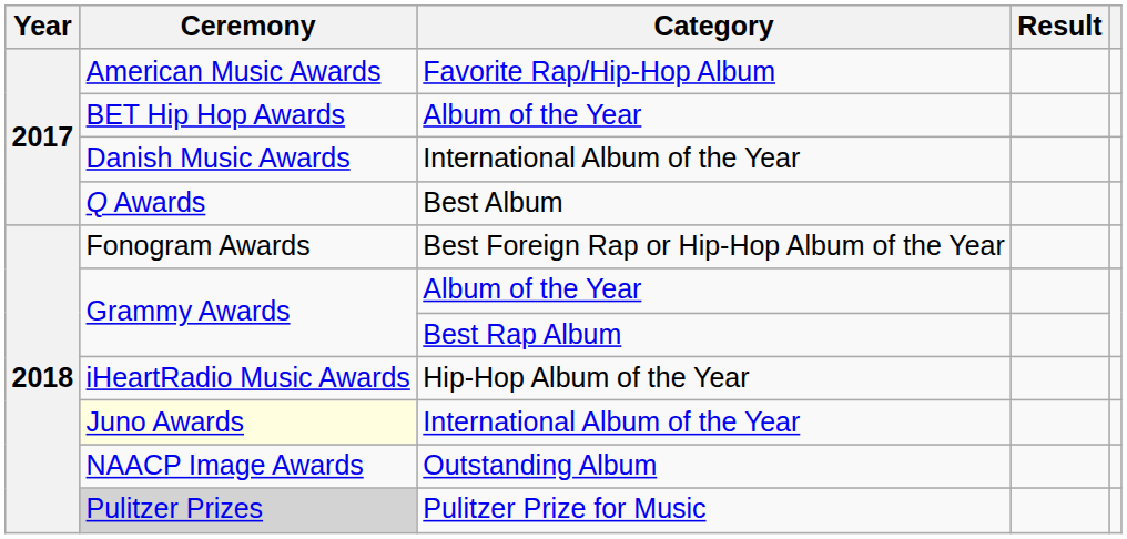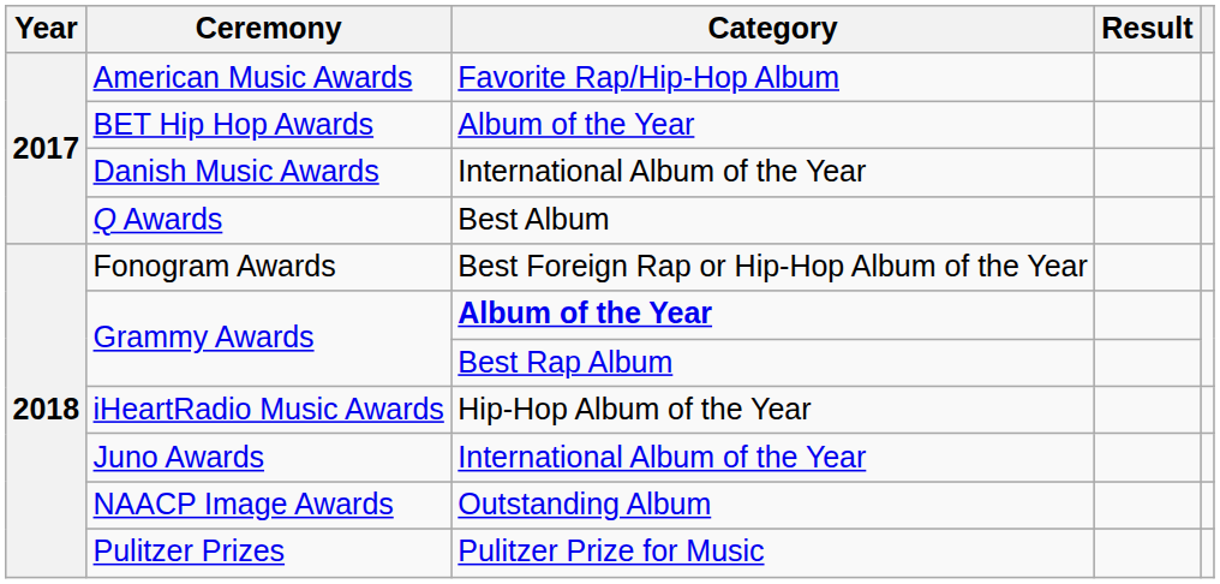 <table class="wikitable sortable plainrowheaders" style="border:none; margin:0;">
 <tr>
 <th scope="col">Year</th>
 <th scope="col">Ceremony</th>
 <th scope="col">Category</th>
 <th scope="col">Result</th>
 <th scope="col" class="unsortable"></th>
 </tr>
 <tr>
 <th scope="row" rowspan="4">2017</th>
 <td><a href='#'>American Music Awards</a></td>
 <td><a href='#'>Favorite Rap/Hip-Hop Album</a></td>
 <td></td>
 <td style="text-align:center;"></td>
 </tr>
 <tr>
 <td><a href='#'>BET Hip Hop Awards</a></td>
 <td><a href='#'>Album of the Year</a></td>
 <td></td>
 <td style="text-align:center;"></td>
 </tr>
 <tr>
 <td><a href='#'>Danish Music Awards</a></td>
 <td>International Album of the Year</td>
 <td></td>
 <td style="text-align:center;"></td>
 </tr>
 <tr>
 <td><a href='#'><em>Q</em> Awards</a></td>
 <td>Best Album</td>
 <td></td>
 <td style="text-align:center;"></td>
 </tr>
 <tr>
 <th scope="row" rowspan="7">2018</th>
 <td>Fonogram Awards</td>
 <td>Best Foreign Rap or Hip-Hop Album of the Year</td>
 <td></td>
 <td style="text-align:center;"></td>
 </tr>
 <tr>
 <td rowspan="2"><a href='#'>Grammy Awards</a></td>
-<td><a href='#'>Album of the Year</a></td>
+<td><strong><a href='#'>Album of the Year</a></strong></td>
 <td></td>
 <td rowspan="2" style="text-align:center;"></td>
 </tr>
 <tr>
 <td><a href='#'>Best Rap Album</a></td>
 <td></td>
 </tr>
 <tr>
 <td><a href='#'>iHeartRadio Music Awards</a></td>
 <td>Hip-Hop Album of the Year</td>
 <td></td>
 <td style="text-align:center;"></td>
 </tr>
 <tr>
-<td style="background: lightyellow;"><a href='#'>Juno Awards</a></td>
+<td><a href='#'>Juno Awards</a></td>
 <td><a href='#'>International Album of the Year</a></td>
 <td></td>
 <td style="text-align:center;"></td>
 </tr>
 <tr>
 <td><a href='#'>NAACP Image Awards</a></td>
 <td><a href='#'>Outstanding Album</a></td>
 <td></td>
 <td style="text-align:center;"></td>
 </tr>
 <tr>
-<td style="background: lightgrey;"><a href='#'>Pulitzer Prizes</a></td>
+<td><a href='#'>Pulitzer Prizes</a></td>
 <td><a href='#'>Pulitzer Prize for Music</a></td>
 <td></td>
 <td style="text-align:center;"></td>
 </tr>
 </table>
